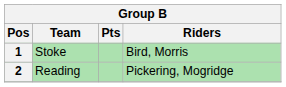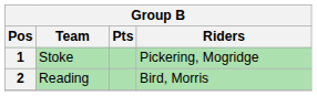 <table class="wikitable">
 <tr>
 <th colspan="4">Group B</th>
 </tr>
 <tr>
 <th width=20>Pos</th>
 <th width=80>Team</th>
 <th width=20>Pts</th>
 <th width=200>Riders</th>
 </tr>
 <tr style="background:#ACE1AF;">
 <th>1</th>
 <td>Stoke</td>
 <td></td>
-<td>Bird, Morris</td>
+<td>Pickering, Mogridge</td>
 </tr>
 <tr style="background:#ACE1AF;">
 <th>2</th>
 <td>Reading</td>
 <td></td>
-<td>Pickering, Mogridge</td>
+<td>Bird, Morris</td>
 </tr>
 <tr>
 </tr>
 </table>
